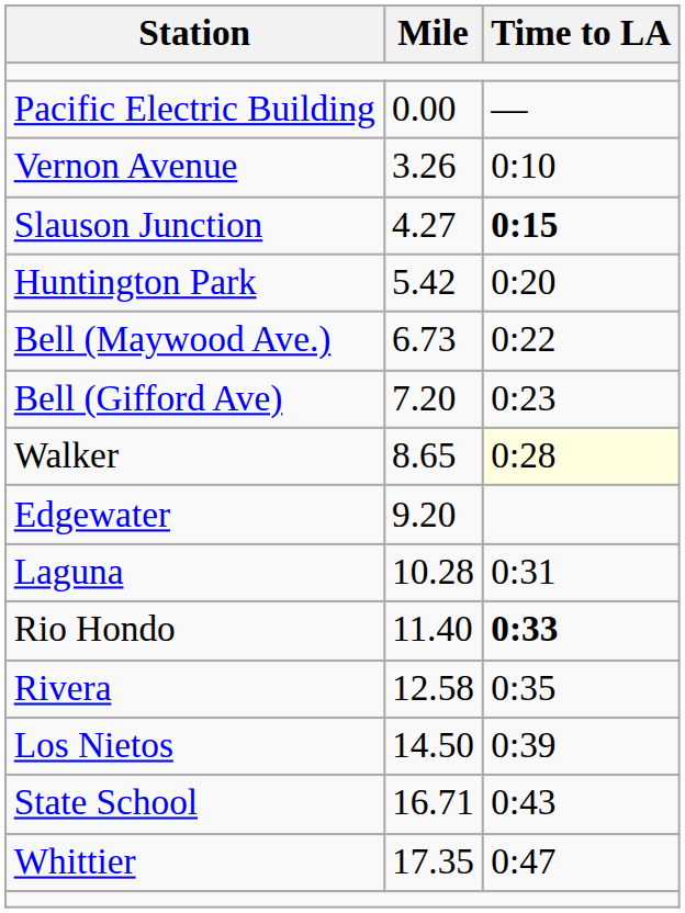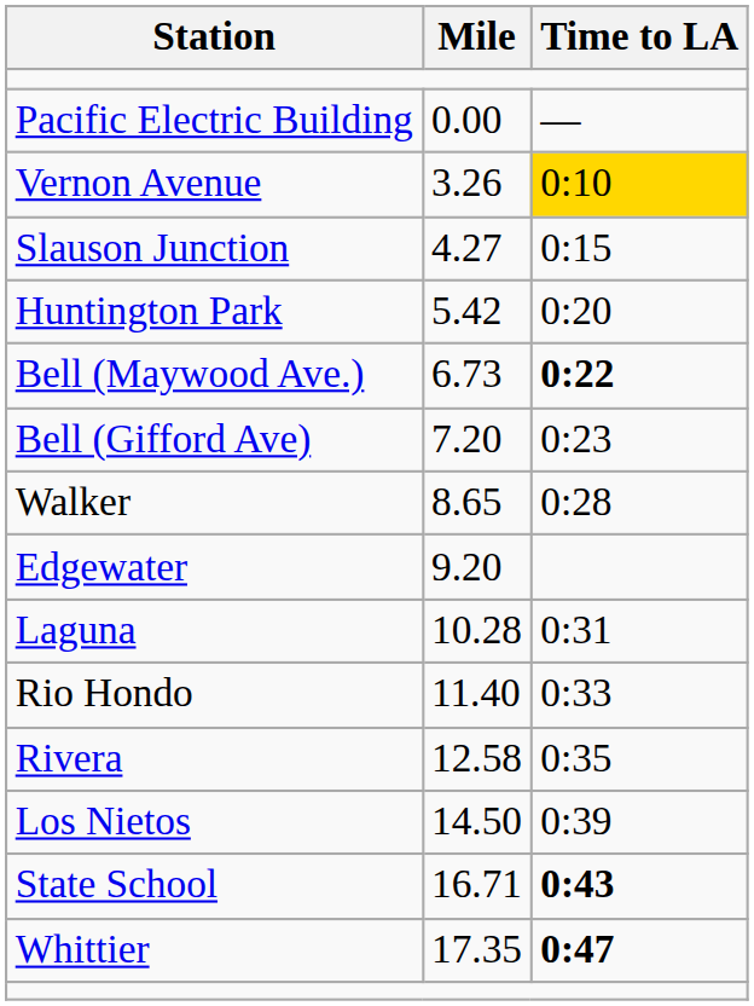 <table class=wikitable sortable>
 <tr>
 <th>Station</th>
 <th>Mile</th>
 <th>Time to LA</th>
 </tr>
 <tr>
 <td colspan = "5"></td>
 </tr>
 <tr>
 <td><a href='#'>Pacific Electric Building</a></td>
 <td>0.00</td>
 <td>—</td>
 </tr>
 <tr>
 <td><a href='#'>Vernon Avenue</a></td>
 <td>3.26</td>
-<td>0:10</td>
+<td style="background: gold;">0:10</td>
 </tr>
 <tr>
 <td><a href='#'>Slauson Junction</a></td>
 <td>4.27</td>
-<td><strong>0:15</strong></td>
+<td>0:15</td>
 </tr>
 <tr>
 <td><a href='#'>Huntington Park</a></td>
 <td>5.42</td>
 <td>0:20</td>
 </tr>
 <tr>
 <td><a href='#'>Bell (Maywood Ave.)</a></td>
 <td>6.73</td>
-<td>0:22</td>
+<td><strong>0:22</strong></td>
 </tr>
 <tr>
 <td><a href='#'>Bell (Gifford Ave)</a></td>
 <td>7.20</td>
 <td>0:23</td>
 </tr>
 <tr>
 <td>Walker</td>
 <td>8.65</td>
-<td style="background: lightyellow;">0:28</td>
+<td>0:28</td>
 </tr>
 <tr>
 <td><a href='#'>Edgewater</a></td>
 <td>9.20</td>
 <td></td>
 </tr>
 <tr>
 <td><a href='#'>Laguna</a></td>
 <td>10.28</td>
 <td>0:31</td>
 </tr>
 <tr>
 <td>Rio Hondo</td>
 <td>11.40</td>
-<td><strong>0:33</strong></td>
+<td>0:33</td>
 </tr>
 <tr>
 <td><a href='#'>Rivera</a></td>
 <td>12.58</td>
 <td>0:35</td>
 </tr>
 <tr>
 <td><a href='#'>Los Nietos</a></td>
 <td>14.50</td>
 <td>0:39</td>
 </tr>
 <tr>
 <td><a href='#'>State School</a></td>
 <td>16.71</td>
-<td>0:43</td>
+<td><strong>0:43</strong></td>
 </tr>
 <tr>
 <td><a href='#'>Whittier</a></td>
 <td>17.35</td>
-<td>0:47</td>
+<td><strong>0:47</strong></td>
 </tr>
 <tr>
 <td colspan = "5"></td>
 </tr>
 </table>
